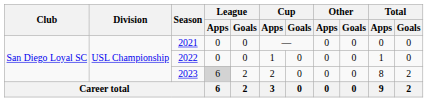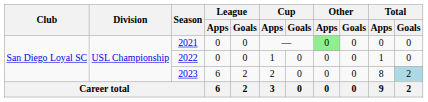 <table class="wikitable" style="text-align: center;">
 <tr>
 <th rowspan="2">Club</th>
 <th rowspan="2">Division</th>
 <th rowspan="2">Season</th>
 <th colspan="2">League</th>
 <th colspan="2">Cup</th>
 <th colspan="2">Other</th>
 <th colspan="2">Total</th>
 </tr>
 <tr>
 <th>Apps</th>
 <th>Goals</th>
 <th>Apps</th>
 <th>Goals</th>
 <th>Apps</th>
 <th>Goals</th>
 <th>Apps</th>
 <th>Goals</th>
 </tr>
 <tr>
 <td rowspan="3"><a href='#'>San Diego Loyal SC</a></td>
 <td rowspan="3"><a href='#'>USL Championship</a></td>
 <td><a href='#'>2021</a></td>
 <td>0</td>
 <td>0</td>
 <td colspan=2>—</td>
-<td>0</td>
+<td style="background: lightgreen;">0</td>
 <td>0</td>
 <td>0</td>
 <td>0</td>
 </tr>
 <tr>
 <td><a href='#'>2022</a></td>
 <td>0</td>
 <td>0</td>
 <td>1</td>
 <td>0</td>
 <td>0</td>
 <td>0</td>
 <td>1</td>
 <td>0</td>
 </tr>
 <tr>
 <td><a href='#'>2023</a></td>
-<td style="background: lightgrey;">6</td>
+<td>6</td>
 <td>2</td>
 <td>2</td>
 <td>0</td>
 <td>0</td>
 <td>0</td>
 <td>8</td>
-<td>2</td>
+<td style="background: lightblue;">2</td>
 </tr>
 <tr>
 <th colspan=3>Career total</th>
 <th>6</th>
 <th>2</th>
 <th>3</th>
 <th>0</th>
 <th>0</th>
 <th>0</th>
 <th>9</th>
 <th>2</th>
 </tr>
 </table>
